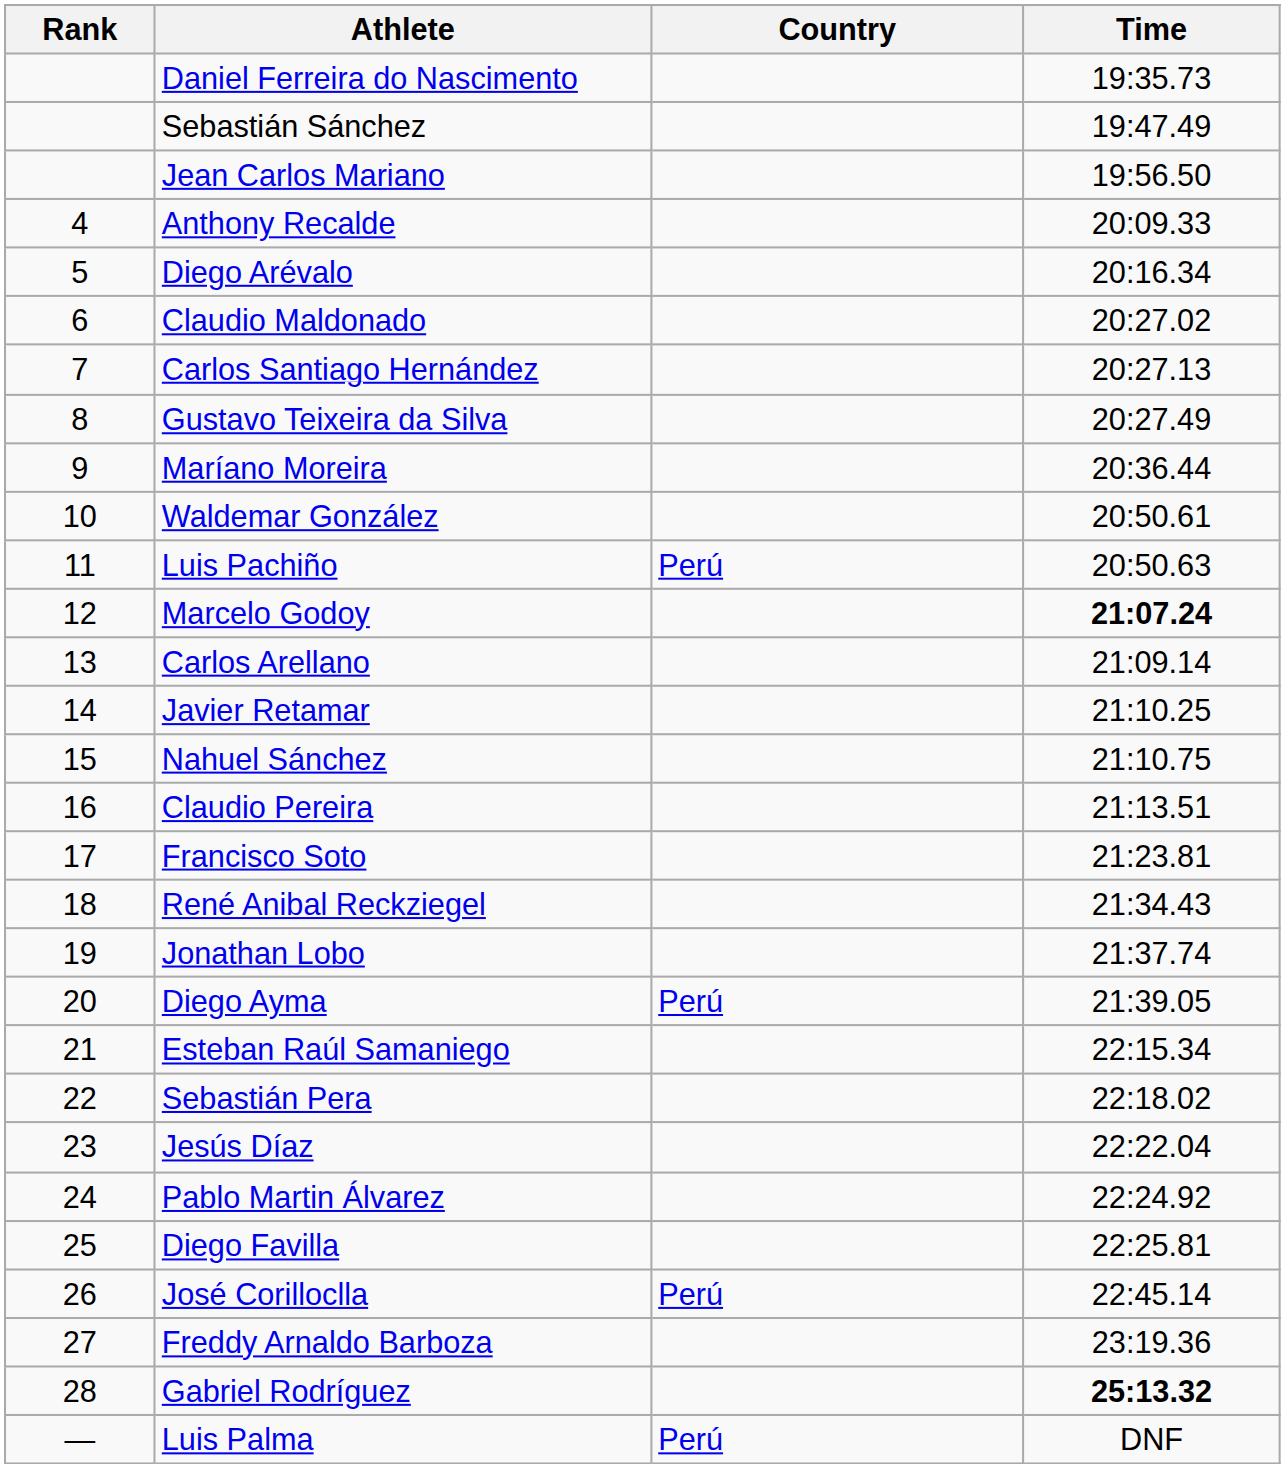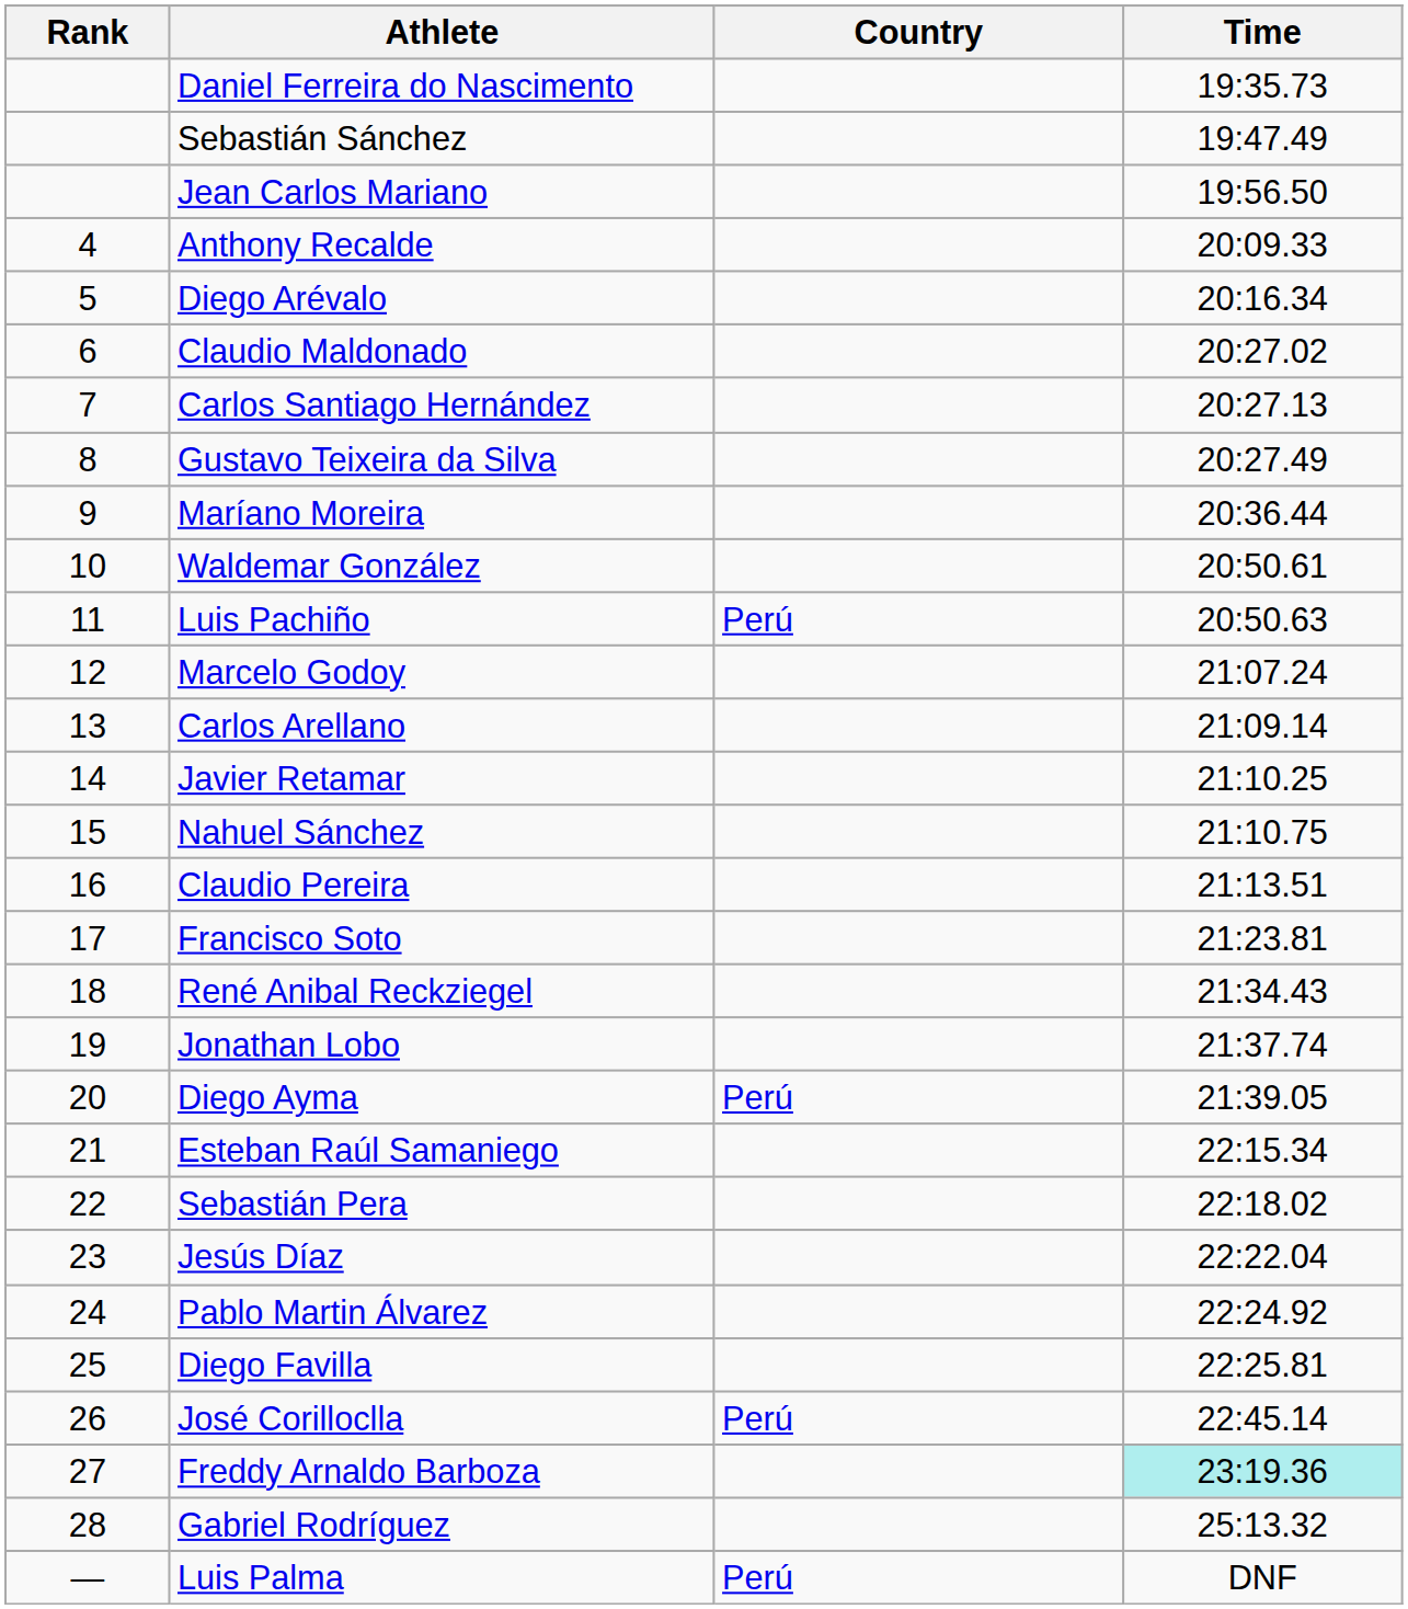 <table class="wikitable sortable" style=" text-align:center; font-size:95%;" width="50%">
 <tr>
 </tr>
 <tr>
 <th width=5%>Rank</th>
 <th width=20%>Athlete</th>
 <th width=15%>Country</th>
 <th width=10%>Time</th>
 </tr>
 <tr>
 <td align=center></td>
 <td align=left><a href='#'>Daniel Ferreira do Nascimento</a></td>
 <td align=left></td>
 <td>19:35.73</td>
 </tr>
 <tr>
 <td align=center></td>
 <td align=left>Sebastián Sánchez</td>
 <td align=left></td>
 <td>19:47.49</td>
 </tr>
 <tr>
 <td align=center></td>
 <td align=left><a href='#'>Jean Carlos Mariano</a></td>
 <td align=left></td>
 <td>19:56.50</td>
 </tr>
 <tr>
 <td align=center>4</td>
 <td align=left><a href='#'>Anthony Recalde</a></td>
 <td align=left></td>
 <td>20:09.33</td>
 </tr>
 <tr>
 <td align=center>5</td>
 <td align=left><a href='#'>Diego Arévalo</a></td>
 <td align=left></td>
 <td>20:16.34</td>
 </tr>
 <tr>
 <td align=center>6</td>
 <td align=left><a href='#'>Claudio Maldonado</a></td>
 <td align=left></td>
 <td>20:27.02</td>
 </tr>
 <tr>
 <td align=center>7</td>
 <td align=left><a href='#'>Carlos Santiago Hernández</a></td>
 <td align=left></td>
 <td>20:27.13</td>
 </tr>
 <tr>
 <td align=center>8</td>
 <td align=left><a href='#'>Gustavo Teixeira da Silva</a></td>
 <td align=left></td>
 <td>20:27.49</td>
 </tr>
 <tr>
 <td align=center>9</td>
 <td align=left><a href='#'>Maríano Moreira</a></td>
 <td align=left></td>
 <td>20:36.44</td>
 </tr>
 <tr>
 <td align=center>10</td>
 <td align=left><a href='#'>Waldemar González</a></td>
 <td align=left></td>
 <td>20:50.61</td>
 </tr>
 <tr>
 <td align=center>11</td>
 <td align=left><a href='#'>Luis Pachiño</a></td>
 <td align=left> <a href='#'>Perú</a></td>
 <td>20:50.63</td>
 </tr>
 <tr>
 <td align=center>12</td>
 <td align=left><a href='#'>Marcelo Godoy</a></td>
 <td align=left></td>
-<td><strong>21:07.24</strong></td>
+<td>21:07.24</td>
 </tr>
 <tr>
 <td align=center>13</td>
 <td align=left><a href='#'>Carlos Arellano</a></td>
 <td align=left></td>
 <td>21:09.14</td>
 </tr>
 <tr>
 <td align=center>14</td>
 <td align=left><a href='#'>Javier Retamar</a></td>
 <td align=left></td>
 <td>21:10.25</td>
 </tr>
 <tr>
 <td align=center>15</td>
 <td align=left><a href='#'>Nahuel Sánchez</a></td>
 <td align=left></td>
 <td>21:10.75</td>
 </tr>
 <tr>
 <td align=center>16</td>
 <td align=left><a href='#'>Claudio Pereira</a></td>
 <td align=left></td>
 <td>21:13.51</td>
 </tr>
 <tr>
 <td align=center>17</td>
 <td align=left><a href='#'>Francisco Soto</a></td>
 <td align=left></td>
 <td>21:23.81</td>
 </tr>
 <tr>
 <td align=center>18</td>
 <td align=left><a href='#'>René Anibal Reckziegel</a></td>
 <td align=left></td>
 <td>21:34.43</td>
 </tr>
 <tr>
 <td align=center>19</td>
 <td align=left><a href='#'>Jonathan Lobo</a></td>
 <td align=left></td>
 <td>21:37.74</td>
 </tr>
 <tr>
 <td align=center>20</td>
 <td align=left><a href='#'>Diego Ayma</a></td>
 <td align=left> <a href='#'>Perú</a></td>
 <td>21:39.05</td>
 </tr>
 <tr>
 <td align=center>21</td>
 <td align=left><a href='#'>Esteban Raúl Samaniego</a></td>
 <td align=left></td>
 <td>22:15.34</td>
 </tr>
 <tr>
 <td align=center>22</td>
 <td align=left><a href='#'>Sebastián Pera</a></td>
 <td align=left></td>
 <td>22:18.02</td>
 </tr>
 <tr>
 <td align=center>23</td>
 <td align=left><a href='#'>Jesús Díaz</a></td>
 <td align=left></td>
 <td>22:22.04</td>
 </tr>
 <tr>
 <td align=center>24</td>
 <td align=left><a href='#'>Pablo Martin Álvarez</a></td>
 <td align=left></td>
 <td>22:24.92</td>
 </tr>
 <tr>
 <td align=center>25</td>
 <td align=left><a href='#'>Diego Favilla</a></td>
 <td align=left></td>
 <td>22:25.81</td>
 </tr>
 <tr>
 <td align=center>26</td>
 <td align=left><a href='#'>José Corilloclla</a></td>
 <td align=left> <a href='#'>Perú</a></td>
 <td>22:45.14</td>
 </tr>
 <tr>
 <td align=center>27</td>
 <td align=left><a href='#'>Freddy Arnaldo Barboza</a></td>
 <td align=left></td>
-<td>23:19.36</td>
+<td style="background: paleturquoise;">23:19.36</td>
 </tr>
 <tr>
 <td align=center>28</td>
 <td align=left><a href='#'>Gabriel Rodríguez</a></td>
 <td align=left></td>
-<td><strong>25:13.32</strong></td>
+<td>25:13.32</td>
 </tr>
 <tr>
 <td align=center>—</td>
 <td align=left><a href='#'>Luis Palma</a></td>
 <td align=left> <a href='#'>Perú</a></td>
 <td>DNF</td>
 </tr>
 </table>
